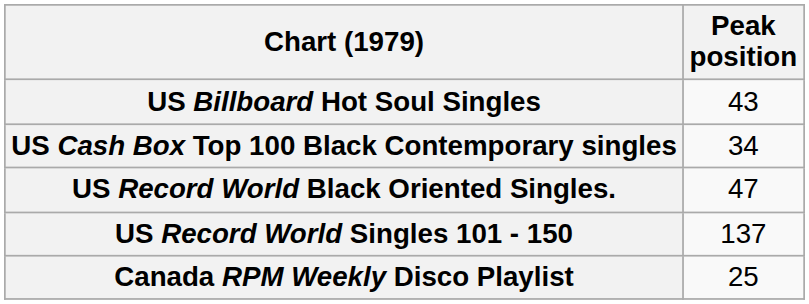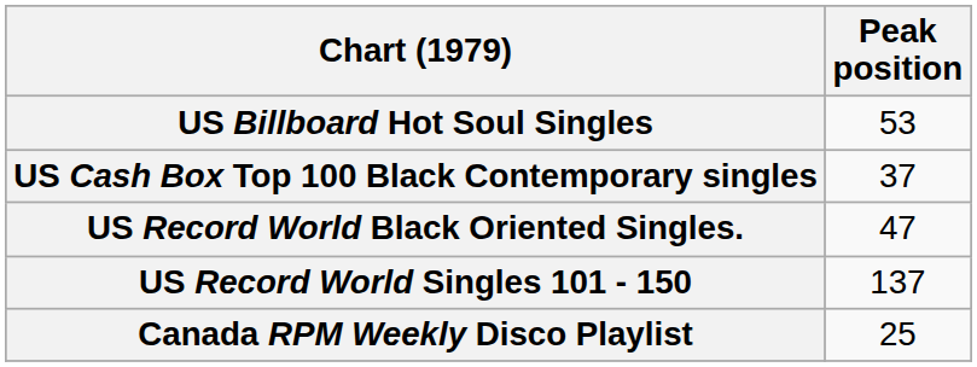 <table class="wikitable plainrowheaders sortable">
 <tr>
 <th>Chart (1979)</th>
 <th>Peak<br>position</th>
 </tr>
 <tr>
 <th scope="row">US <em>Billboard</em> Hot Soul Singles</th>
-<td align="center">43</td>
+<td align="center">53</td>
 </tr>
 <tr>
 <th scope="row">US <em>Cash Box</em> Top 100 Black Contemporary singles</th>
-<td align="center">34</td>
+<td align="center">37</td>
 </tr>
 <tr>
 <th scope="row">US <em>Record World</em> Black Oriented Singles.</th>
 <td align="center">47</td>
 </tr>
 <tr>
 <th scope="row">US <em>Record World</em> Singles 101 - 150</th>
 <td align="center">137</td>
 </tr>
 <tr>
 <th scope="row">Canada <em>RPM Weekly</em> Disco Playlist</th>
 <td align="center">25</td>
 </tr>
 </table>
